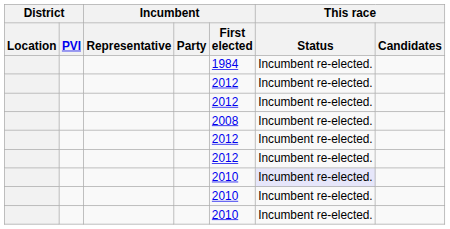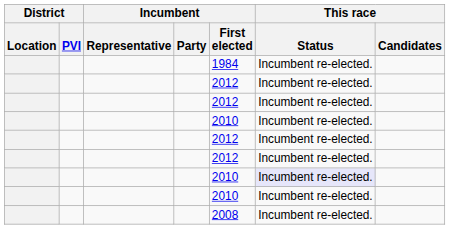 <table class="wikitable sortable">
 <tr valign=bottom>
 <th colspan=2>District</th>
 <th colspan=3>Incumbent</th>
 <th colspan=2>This race</th>
 </tr>
 <tr valign=bottom>
 <th>Location</th>
 <th><a href='#'>PVI</a></th>
 <th>Representative</th>
 <th>Party</th>
 <th>First<br>elected</th>
 <th>Status</th>
 <th>Candidates</th>
 </tr>
 <tr>
 <th></th>
 <td></td>
 <td></td>
 <td></td>
 <td><a href='#'>1984</a></td>
 <td>Incumbent re-elected.</td>
 <td nowrap></td>
 </tr>
 <tr>
 <th></th>
 <td></td>
 <td></td>
 <td></td>
 <td><a href='#'>2012</a></td>
 <td>Incumbent re-elected.</td>
 <td nowrap></td>
 </tr>
 <tr>
 <th></th>
 <td></td>
 <td></td>
 <td></td>
 <td><a href='#'>2012</a></td>
 <td>Incumbent re-elected.</td>
 <td nowrap></td>
 </tr>
 <tr>
 <th></th>
 <td></td>
 <td></td>
 <td></td>
-<td><a href='#'>2008</a></td>
+<td><a href='#'>2010</a></td>
 <td>Incumbent re-elected.</td>
 <td nowrap></td>
 </tr>
 <tr>
 <th></th>
 <td></td>
 <td></td>
 <td></td>
 <td><a href='#'>2012</a></td>
 <td>Incumbent re-elected.</td>
 <td nowrap></td>
 </tr>
 <tr>
 <th></th>
 <td></td>
 <td></td>
 <td></td>
 <td><a href='#'>2012</a></td>
 <td>Incumbent re-elected.</td>
 <td nowrap></td>
 </tr>
 <tr>
 <th></th>
 <td></td>
 <td></td>
 <td></td>
 <td><a href='#'>2010 </a></td>
 <td style="background: lavender;">Incumbent re-elected.</td>
 <td nowrap></td>
 </tr>
 <tr>
 <th></th>
 <td></td>
 <td></td>
 <td></td>
 <td><a href='#'>2010</a></td>
 <td>Incumbent re-elected.</td>
 <td nowrap></td>
 </tr>
 <tr>
 <th></th>
 <td></td>
 <td></td>
 <td></td>
-<td><a href='#'>2010</a></td>
+<td><a href='#'>2008</a></td>
 <td>Incumbent re-elected.</td>
 <td nowrap></td>
 </tr>
 </table>
